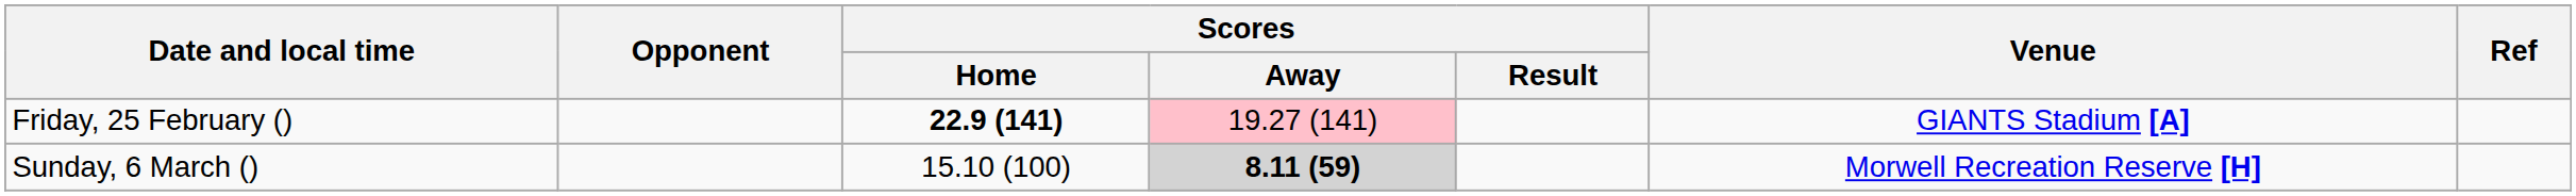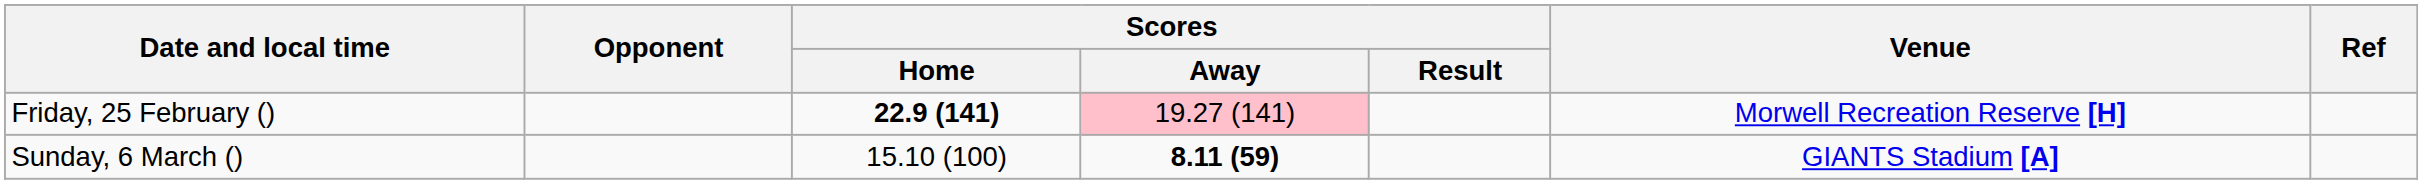 <table class="wikitable plainrowheaders" style="font-size:90%; width:100%; text-align:center;">
 <tr>
 <th scope="col" rowspan=2>Date and local time</th>
 <th scope="col" rowspan=2>Opponent</th>
 <th scope="col" colspan=3>Scores</th>
 <th scope="col" rowspan=2>Venue</th>
 <th scope="col" rowspan=2>Ref</th>
 </tr>
 <tr>
 <th scope="col">Home</th>
 <th scope="col">Away</th>
 <th scope="col">Result</th>
 </tr>
 <tr>
 <td align=left>Friday, 25 February ()</td>
 <td align=left></td>
 <td><strong>22.9 (141)</strong></td>
 <td style="background: pink;">19.27 (141)</td>
 <td></td>
-<td><a href='#'>GIANTS Stadium</a> <a href='#'><strong>[A]</strong></a></td>
+<td><a href='#'>Morwell Recreation Reserve</a> <a href='#'><strong>[H]</strong></a></td>
 <td></td>
 </tr>
 <tr>
 <td align=left>Sunday, 6 March ()</td>
 <td align=left></td>
 <td>15.10 (100)</td>
-<td style="background: lightgrey;"><strong>8.11 (59)</strong></td>
+<td><strong>8.11 (59)</strong></td>
 <td></td>
-<td><a href='#'>Morwell Recreation Reserve</a> <a href='#'><strong>[H]</strong></a></td>
+<td><a href='#'>GIANTS Stadium</a> <a href='#'><strong>[A]</strong></a></td>
 <td></td>
 </tr>
 </table>
